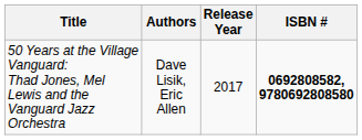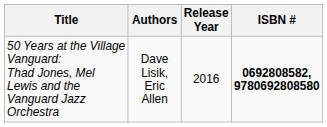 <table class="wikitable sortable mw-collapsible" style="text-align:left; margin:0;">
 <tr>
 <th style="width:10em;">Title</th>
 <th style="width:4em;">Authors</th>
 <th style="width:2em;">Release Year</th>
 <th style="width:3em;">ISBN #</th>
 </tr>
 <tr>
 <td><em>50 Years at the Village Vanguard:<br>Thad Jones, Mel Lewis and the Vanguard Jazz Orchestra</em></td>
 <td style="text-align:center;">Dave Lisik,<br>Eric Allen</td>
-<td style="text-align:center;">2017</td>
+<td style="text-align:center;">2016</td>
 <td style="text-align:center;"><strong>0692808582, 9780692808580</strong></td>
 </tr>
 </table>
